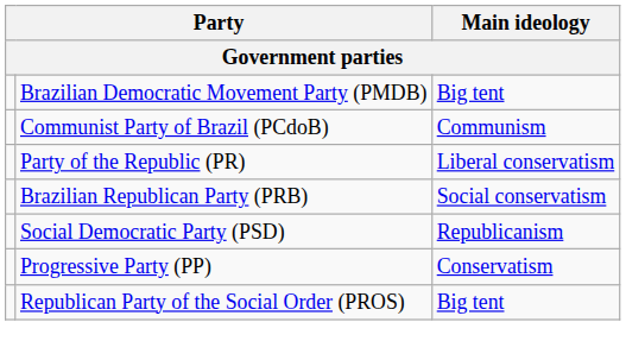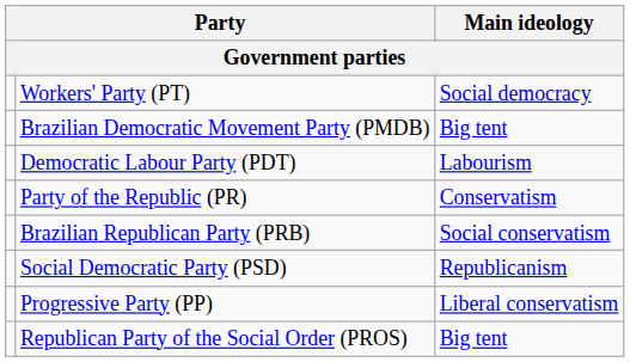 <table class="wikitable" style="font-size:95%">
 <tr>
 <th colspan=2>Party</th>
 <th>Main ideology</th>
 </tr>
 <tr>
 <th colspan=3>Government parties</th>
 </tr>
 <tr>
 <td style="color:inherit;background:"></td>
+<td><a href='#'>Workers' Party</a> (PT)</td>
+<td><a href='#'>Social democracy</a></td>
+</tr>
+<tr>
+<td style="color:inherit;background:"></td>
 <td><a href='#'>Brazilian Democratic Movement Party</a> (PMDB)</td>
 <td><a href='#'>Big tent</a></td>
 </tr>
 <tr>
 <td style="color:inherit;background:"></td>
-<td><a href='#'>Communist Party of Brazil</a> (PCdoB)</td>
-<td><a href='#'>Communism</a></td>
+<td><a href='#'>Democratic Labour Party</a> (PDT)</td>
+<td><a href='#'>Labourism</a></td>
 </tr>
 <tr>
 <td style="color:inherit;background:"></td>
 <td><a href='#'>Party of the Republic</a> (PR)</td>
-<td><a href='#'>Liberal conservatism</a></td>
+<td><a href='#'>Conservatism</a></td>
 </tr>
 <tr>
 <td style="color:inherit;background:"></td>
 <td><a href='#'>Brazilian Republican Party</a> (PRB)</td>
 <td><a href='#'>Social conservatism</a></td>
 </tr>
 <tr>
 <td style="color:inherit;background:"></td>
 <td><a href='#'>Social Democratic Party</a> (PSD)</td>
 <td><a href='#'>Republicanism</a></td>
 </tr>
 <tr>
 <td style="color:inherit;background:"></td>
 <td><a href='#'>Progressive Party</a> (PP)</td>
-<td><a href='#'>Conservatism</a></td>
+<td><a href='#'>Liberal conservatism</a></td>
 </tr>
 <tr>
 <td style="color:inherit;background:"></td>
 <td><a href='#'>Republican Party of the Social Order</a> (PROS)</td>
 <td><a href='#'>Big tent</a></td>
 </tr>
 </table>
